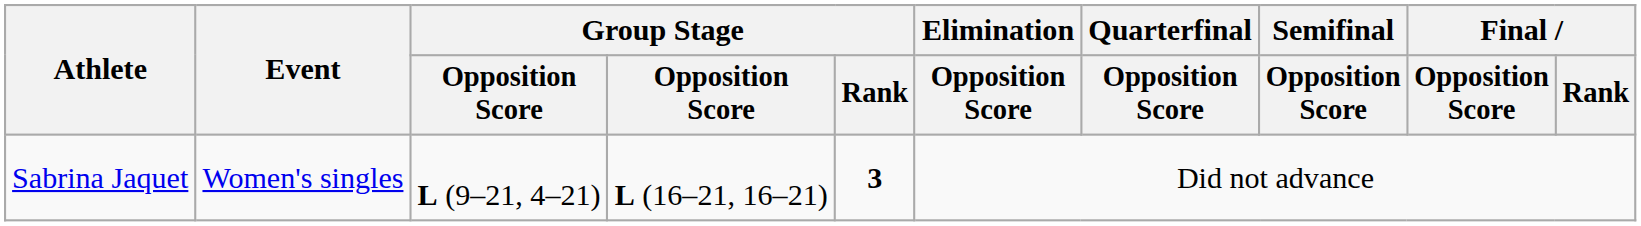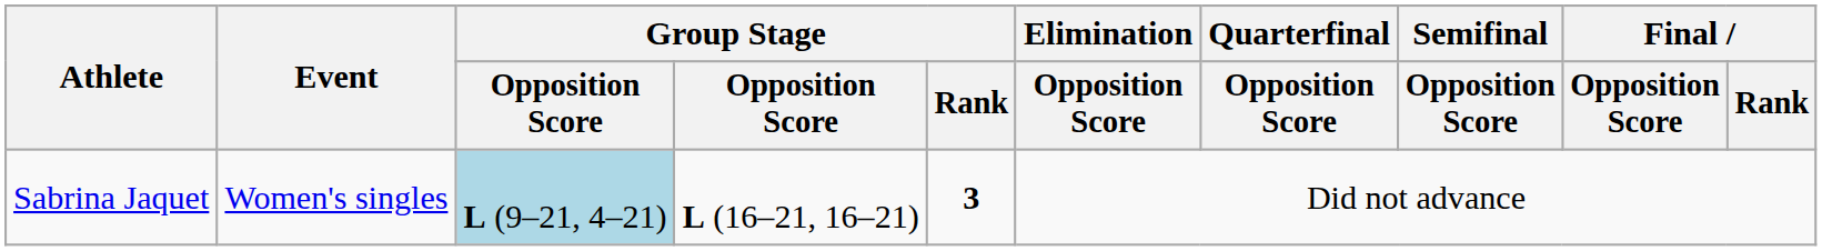 <table class="wikitable" style="font-size:90%">
 <tr>
 <th rowspan=2>Athlete</th>
 <th rowspan=2>Event</th>
 <th colspan=3>Group Stage</th>
 <th>Elimination</th>
 <th>Quarterfinal</th>
 <th>Semifinal</th>
 <th colspan=2>Final / </th>
 </tr>
 <tr style="font-size:95%">
 <th>Opposition<br>Score</th>
 <th>Opposition<br>Score</th>
 <th>Rank</th>
 <th>Opposition<br>Score</th>
 <th>Opposition<br>Score</th>
 <th>Opposition<br>Score</th>
 <th>Opposition<br>Score</th>
 <th>Rank</th>
 </tr>
 <tr align=center>
 <td align=left><a href='#'>Sabrina Jaquet</a></td>
 <td align=left><a href='#'>Women's singles</a></td>
-<td><br><strong>L</strong> (9–21, 4–21)</td>
+<td style="background: lightblue;"><br><strong>L</strong> (9–21, 4–21)</td>
 <td><br><strong>L</strong> (16–21, 16–21)</td>
 <td><strong>3</strong></td>
 <td colspan=5>Did not advance</td>
 </tr>
 </table>
